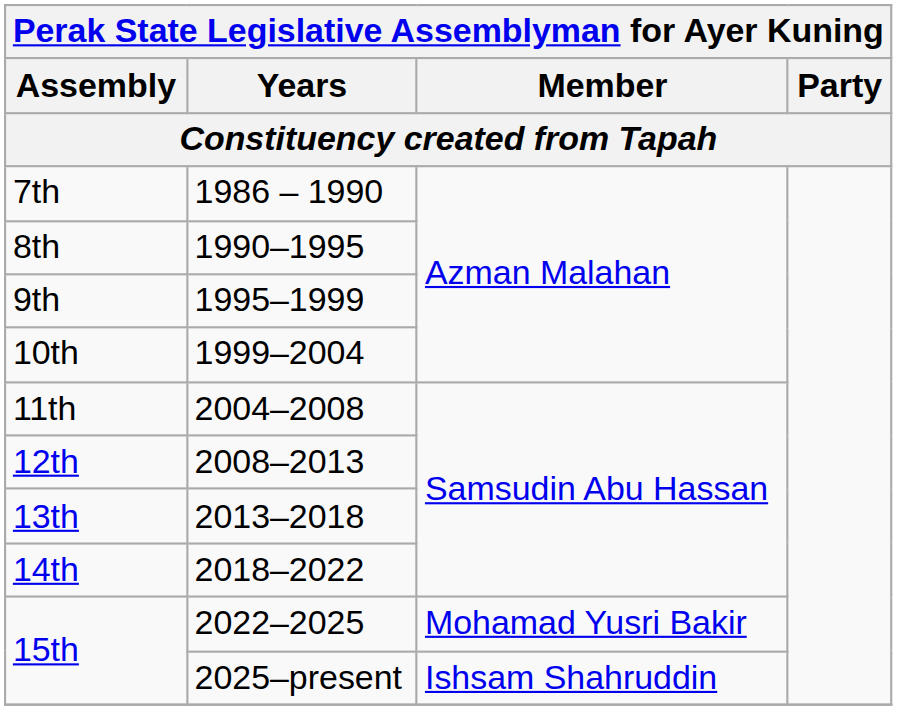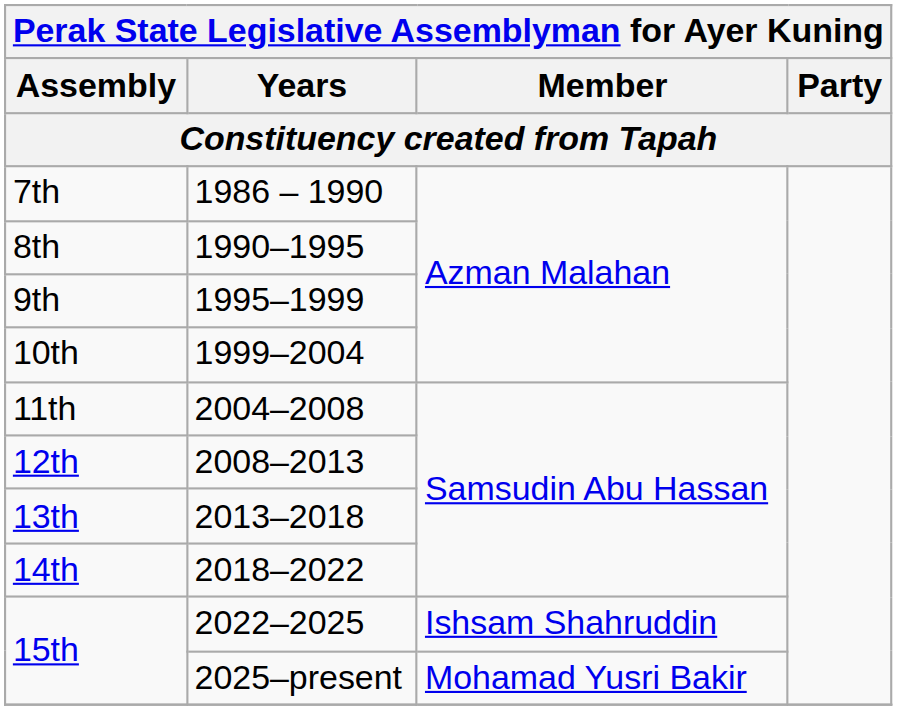 <table class="wikitable">
 <tr>
 <th colspan="4"><a href='#'>Perak State Legislative Assemblyman</a> for Ayer Kuning</th>
 </tr>
 <tr>
 <th>Assembly</th>
 <th>Years</th>
 <th>Member</th>
 <th>Party</th>
 </tr>
 <tr>
 <th colspan="4" align="center"><em>Constituency created from Tapah</em></th>
 </tr>
 <tr>
 <td>7th</td>
 <td>1986 – 1990</td>
 <td rowspan="4"><a href='#'>Azman Malahan</a></td>
 <td rowspan="10"></td>
 </tr>
 <tr>
 <td>8th</td>
 <td>1990–1995</td>
 </tr>
 <tr>
 <td>9th</td>
 <td>1995–1999</td>
 </tr>
 <tr>
 <td>10th</td>
 <td>1999–2004</td>
 </tr>
 <tr>
 <td>11th</td>
 <td>2004–2008</td>
 <td rowspan="4"><a href='#'>Samsudin Abu Hassan</a></td>
 </tr>
 <tr>
 <td><a href='#'>12th</a></td>
 <td>2008–2013</td>
 </tr>
 <tr>
 <td><a href='#'>13th</a></td>
 <td>2013–2018</td>
 </tr>
 <tr>
 <td><a href='#'>14th</a></td>
 <td>2018–2022</td>
 </tr>
 <tr>
 <td rowspan=2><a href='#'>15th</a></td>
 <td>2022–2025</td>
-<td><a href='#'>Mohamad Yusri Bakir</a></td>
+<td><a href='#'>Ishsam Shahruddin</a></td>
 </tr>
 <tr>
 <td>2025–present</td>
-<td><a href='#'>Ishsam Shahruddin</a></td>
+<td><a href='#'>Mohamad Yusri Bakir</a></td>
 </tr>
 <tr>
 </tr>
 </table>
